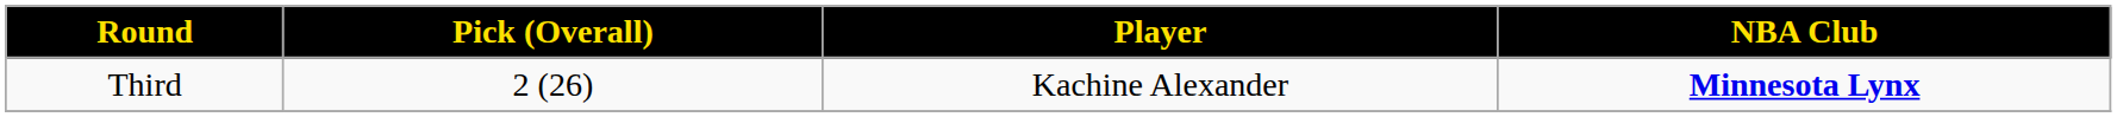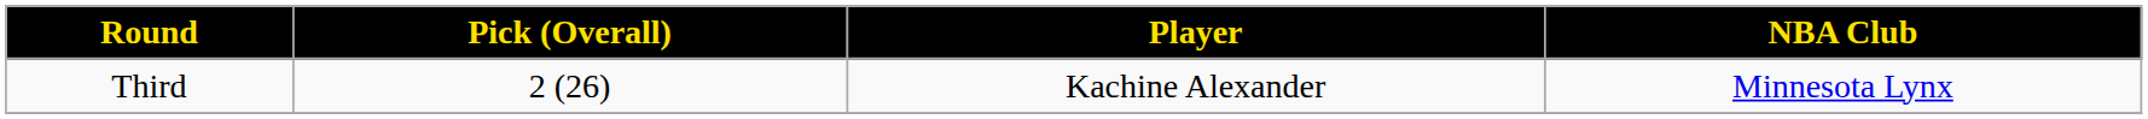 <table class="wikitable" width="80%">
 <tr align="center">
 <th style=" background:black;color:#FFE100;">Round</th>
 <th style=" background:black;color:#FFE100;">Pick (Overall)</th>
 <th style=" background:black;color:#FFE100;">Player</th>
 <th style=" background:black;color:#FFE100;">NBA Club</th>
 </tr>
 <tr align="center" bgcolor="">
 <td>Third</td>
 <td>2 (26)</td>
 <td>Kachine Alexander</td>
-<td><strong><a href='#'>Minnesota Lynx</a></strong></td>
+<td><a href='#'>Minnesota Lynx</a></td>
 </tr>
 <tr align="center" bgcolor="">
 </tr>
 </table>
